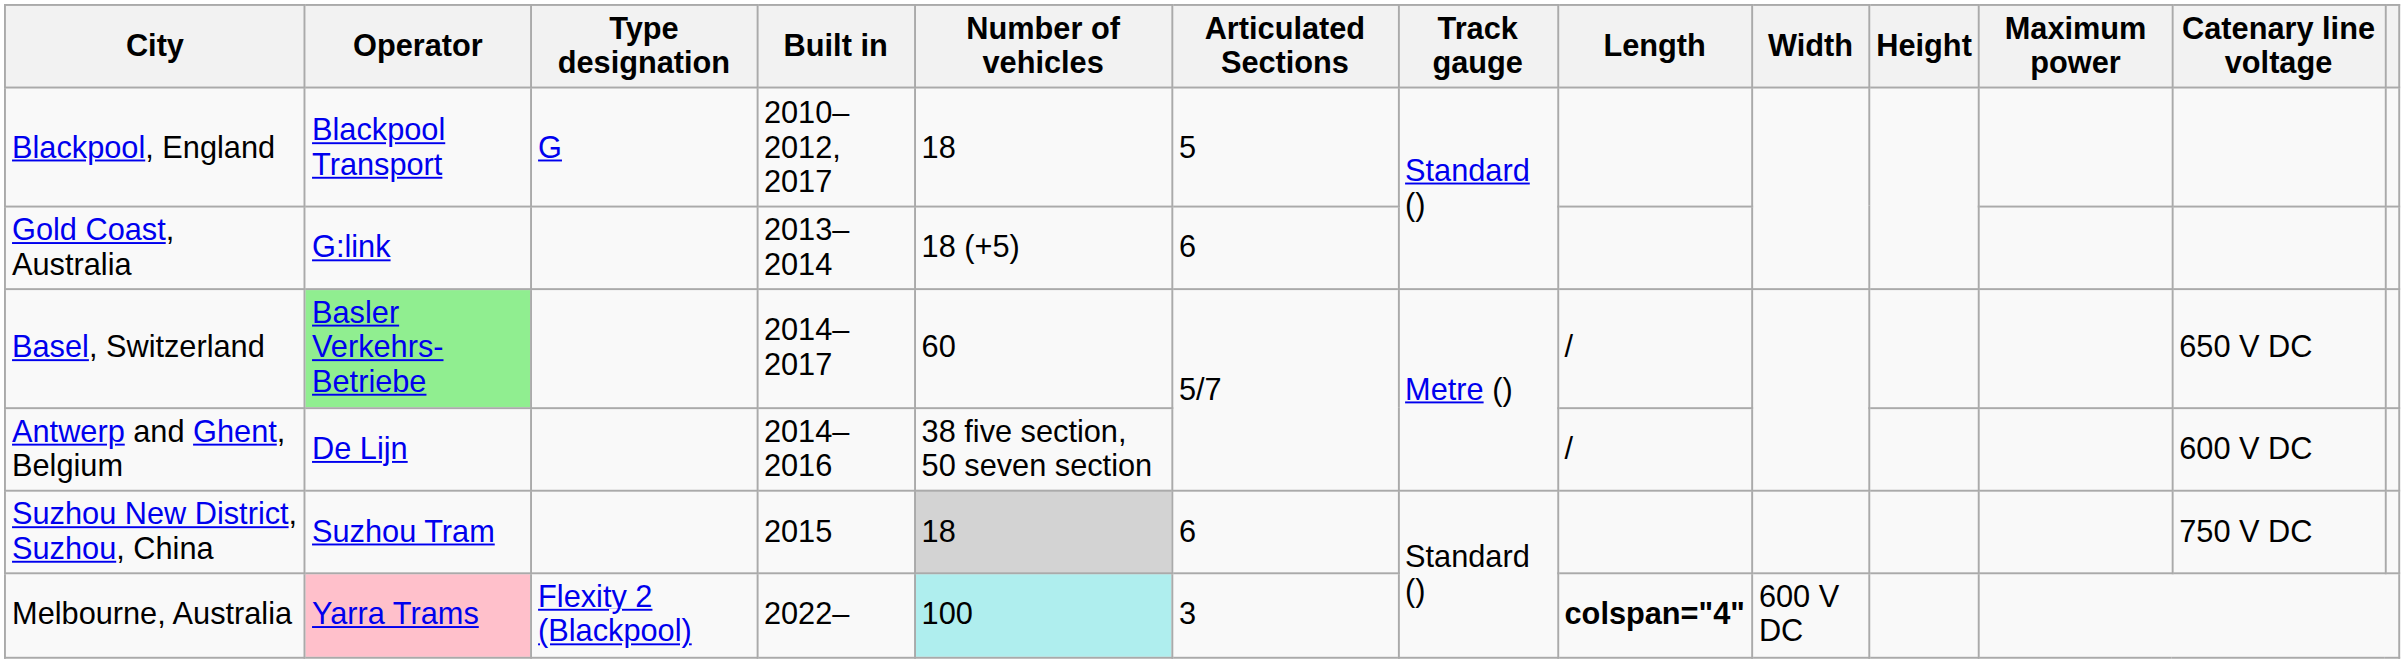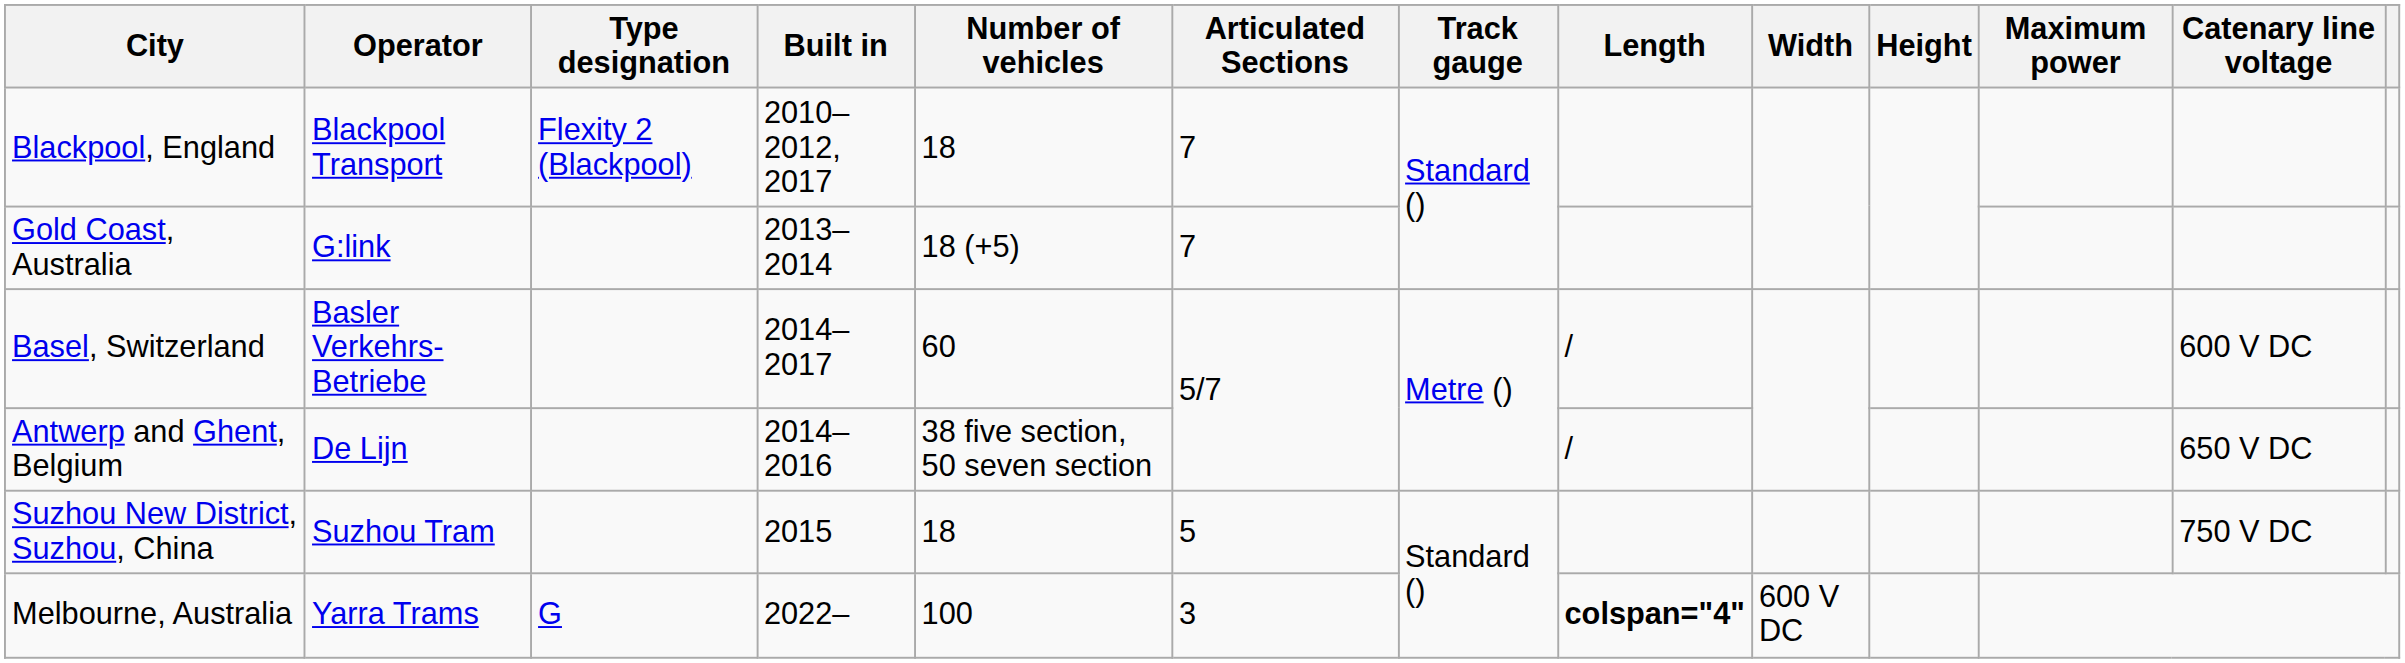 <table class="wikitable">
 <tr>
 <th>City</th>
 <th>Operator</th>
 <th>Type designation</th>
 <th>Built in</th>
 <th>Number of vehicles</th>
 <th>Articulated Sections</th>
 <th>Track gauge</th>
 <th>Length</th>
 <th>Width</th>
 <th>Height</th>
 <th>Maximum power</th>
 <th>Catenary line voltage</th>
 <th></th>
 </tr>
 <tr>
 <td><a href='#'>Blackpool</a>, England</td>
 <td><a href='#'>Blackpool Transport</a></td>
-<td><a href='#'>G</a></td>
+<td><a href='#'>Flexity 2 (Blackpool)</a></td>
 <td>2010–2012, 2017</td>
 <td>18</td>
-<td>5</td>
+<td>7</td>
 <td rowspan="2"><a href='#'>Standard</a> ()</td>
 <td></td>
 <td rowspan="2"></td>
 <td rowspan="2"></td>
 <td></td>
 <td></td>
 <td></td>
 </tr>
 <tr>
 <td><a href='#'>Gold Coast</a>, Australia</td>
 <td><a href='#'>G:link</a></td>
 <td></td>
 <td>2013–2014</td>
 <td>18 (+5)</td>
-<td>6</td>
+<td>7</td>
 <td></td>
 <td></td>
 <td></td>
 <td></td>
 </tr>
 <tr>
 <td><a href='#'>Basel</a>, Switzerland</td>
-<td style="background: lightgreen;"><a href='#'>Basler Verkehrs-Betriebe</a></td>
+<td><a href='#'>Basler Verkehrs-Betriebe</a></td>
 <td></td>
 <td>2014–2017</td>
 <td>60</td>
 <td rowspan="2">5/7</td>
 <td rowspan="2"><a href='#'>Metre</a> ()</td>
 <td>/</td>
 <td rowspan="2"></td>
 <td></td>
 <td></td>
-<td>650 V DC</td>
+<td>600 V DC</td>
 <td></td>
 </tr>
 <tr>
 <td><a href='#'>Antwerp</a> and <a href='#'>Ghent</a>, Belgium</td>
 <td><a href='#'>De Lijn</a></td>
 <td></td>
 <td>2014–2016</td>
 <td>38 five section, 50 seven section</td>
 <td>/</td>
 <td></td>
 <td></td>
-<td>600 V DC</td>
+<td>650 V DC</td>
 <td></td>
 </tr>
 <tr>
 <td><a href='#'>Suzhou New District</a>, <a href='#'>Suzhou</a>, China</td>
 <td><a href='#'>Suzhou Tram</a></td>
 <td></td>
 <td>2015</td>
-<td style="background: lightgrey;">18</td>
-<td>6</td>
+<td>18</td>
+<td>5</td>
 <td rowspan="2">Standard ()</td>
 <td></td>
 <td></td>
 <td></td>
 <td></td>
 <td>750 V DC</td>
 <td></td>
 </tr>
 <tr>
 <td>Melbourne, Australia</td>
-<td style="background: pink;"><a href='#'>Yarra Trams</a></td>
-<td><a href='#'>Flexity 2 (Blackpool)</a></td>
+<td><a href='#'>Yarra Trams</a></td>
+<td><a href='#'>G</a></td>
 <td>2022–</td>
-<td style="background: paleturquoise;">100</td>
+<td>100</td>
 <td>3</td>
 <td><strong>colspan="4" </strong></td>
 <td>600 V DC</td>
 <td></td>
 </tr>
 </table>
